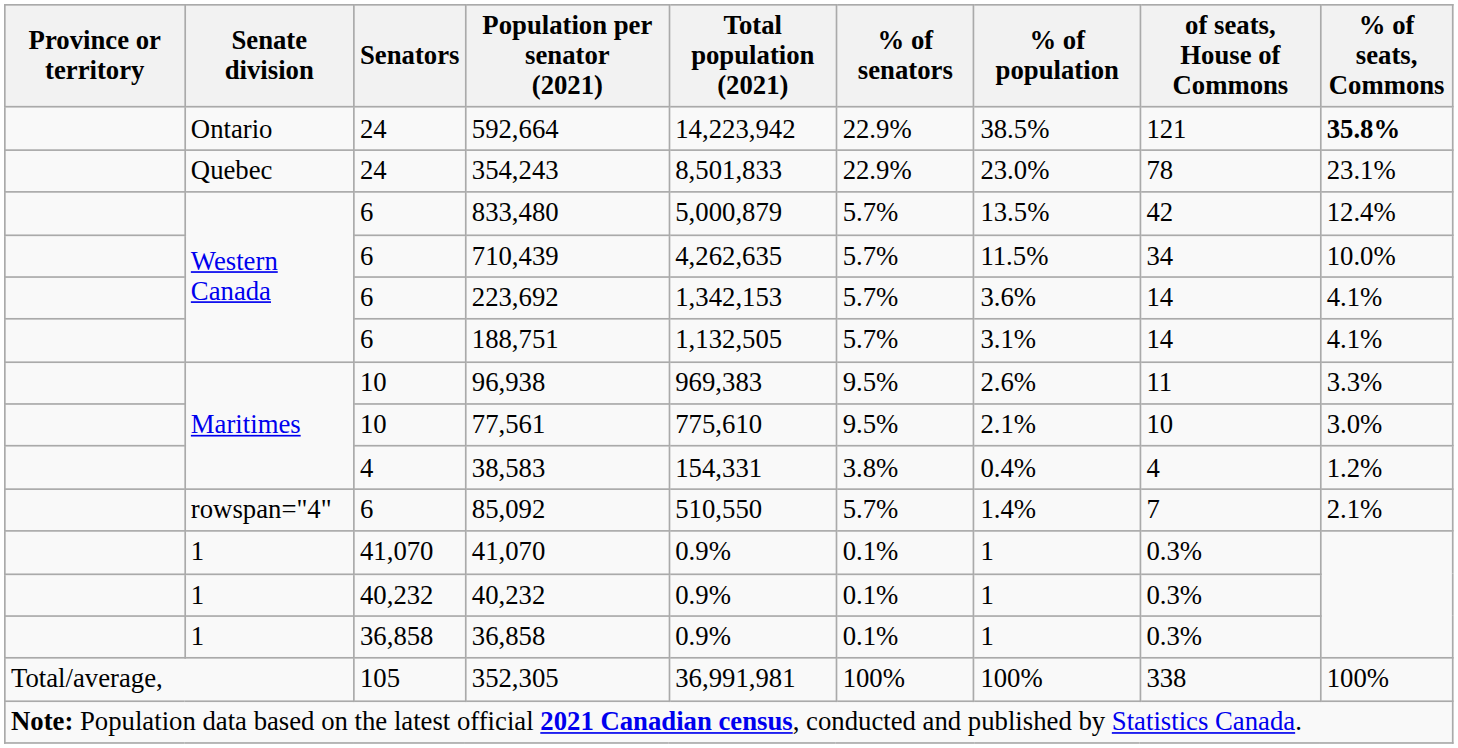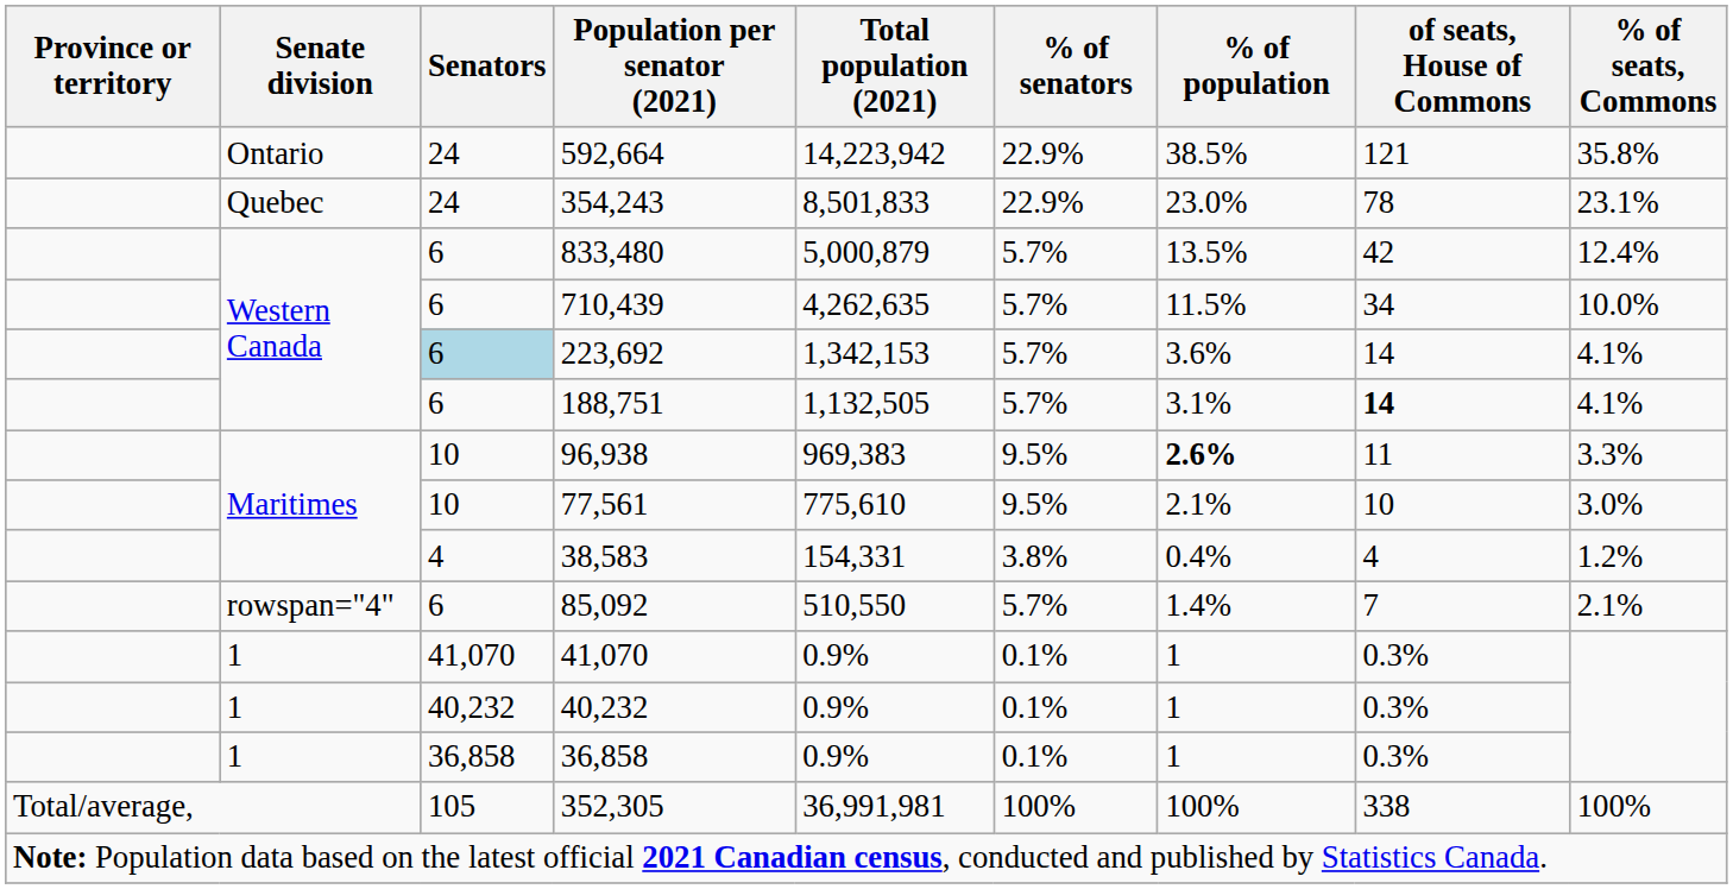 <table class="wikitable sortable">
 <tr>
 <th>Province or territory</th>
 <th>Senate division</th>
 <th>Senators</th>
 <th>Population per senator<br>(2021)</th>
 <th>Total population<br>(2021)</th>
 <th>% of senators</th>
 <th>% of population</th>
 <th> of seats,<br>House of Commons</th>
 <th>% of seats,<br>Commons</th>
 </tr>
 <tr>
 <td></td>
 <td>Ontario</td>
 <td>24</td>
 <td>592,664</td>
 <td>14,223,942</td>
 <td>22.9%</td>
 <td>38.5%</td>
 <td>121</td>
-<td><strong>35.8%</strong></td>
+<td>35.8%</td>
 </tr>
 <tr>
 <td></td>
 <td>Quebec</td>
 <td>24</td>
 <td>354,243</td>
 <td>8,501,833</td>
 <td>22.9%</td>
 <td>23.0%</td>
 <td>78</td>
 <td>23.1%</td>
 </tr>
 <tr>
 <td></td>
 <td rowspan="4"><a href='#'>Western Canada</a></td>
 <td>6</td>
 <td>833,480</td>
 <td>5,000,879</td>
 <td>5.7%</td>
 <td>13.5%</td>
 <td>42</td>
 <td>12.4%</td>
 </tr>
 <tr>
 <td></td>
 <td>6</td>
 <td>710,439</td>
 <td>4,262,635</td>
 <td>5.7%</td>
 <td>11.5%</td>
 <td>34</td>
 <td>10.0%</td>
 </tr>
 <tr>
 <td></td>
-<td>6</td>
+<td style="background: lightblue;">6</td>
 <td>223,692</td>
 <td>1,342,153</td>
 <td>5.7%</td>
 <td>3.6%</td>
 <td>14</td>
 <td>4.1%</td>
 </tr>
 <tr>
 <td></td>
 <td>6</td>
 <td>188,751</td>
 <td>1,132,505</td>
 <td>5.7%</td>
 <td>3.1%</td>
-<td>14</td>
+<td><strong>14</strong></td>
 <td>4.1%</td>
 </tr>
 <tr>
 <td></td>
 <td rowspan="3"><a href='#'>Maritimes</a></td>
 <td>10</td>
 <td>96,938</td>
 <td>969,383</td>
 <td>9.5%</td>
-<td>2.6%</td>
+<td><strong>2.6%</strong></td>
 <td>11</td>
 <td>3.3%</td>
 </tr>
 <tr>
 <td></td>
 <td>10</td>
 <td>77,561</td>
 <td>775,610</td>
 <td>9.5%</td>
 <td>2.1%</td>
 <td>10</td>
 <td>3.0%</td>
 </tr>
 <tr>
 <td></td>
 <td>4</td>
 <td>38,583</td>
 <td>154,331</td>
 <td>3.8%</td>
 <td>0.4%</td>
 <td>4</td>
 <td>1.2%</td>
 </tr>
 <tr>
 <td></td>
 <td>rowspan="4" </td>
 <td>6</td>
 <td>85,092</td>
 <td>510,550</td>
 <td>5.7%</td>
 <td>1.4%</td>
 <td>7</td>
 <td>2.1%</td>
 </tr>
 <tr>
 <td></td>
 <td>1</td>
 <td>41,070</td>
 <td>41,070</td>
 <td>0.9%</td>
 <td>0.1%</td>
 <td>1</td>
 <td>0.3%</td>
 </tr>
 <tr>
 <td></td>
 <td>1</td>
 <td>40,232</td>
 <td>40,232</td>
 <td>0.9%</td>
 <td>0.1%</td>
 <td>1</td>
 <td>0.3%</td>
 </tr>
 <tr>
 <td></td>
 <td>1</td>
 <td>36,858</td>
 <td>36,858</td>
 <td>0.9%</td>
 <td>0.1%</td>
 <td>1</td>
 <td>0.3%</td>
 </tr>
 <tr class="sortbottom">
 <td colspan="2">Total/average, </td>
 <td>105</td>
 <td>352,305</td>
 <td>36,991,981</td>
 <td>100%</td>
 <td>100%</td>
 <td>338</td>
 <td>100%</td>
 </tr>
 <tr>
 <td colspan="9"><strong>Note:</strong> Population data based on the latest official <strong><a href='#'>2021 Canadian census</a></strong>, conducted and published by <a href='#'>Statistics Canada</a>.</td>
 </tr>
 </table>
